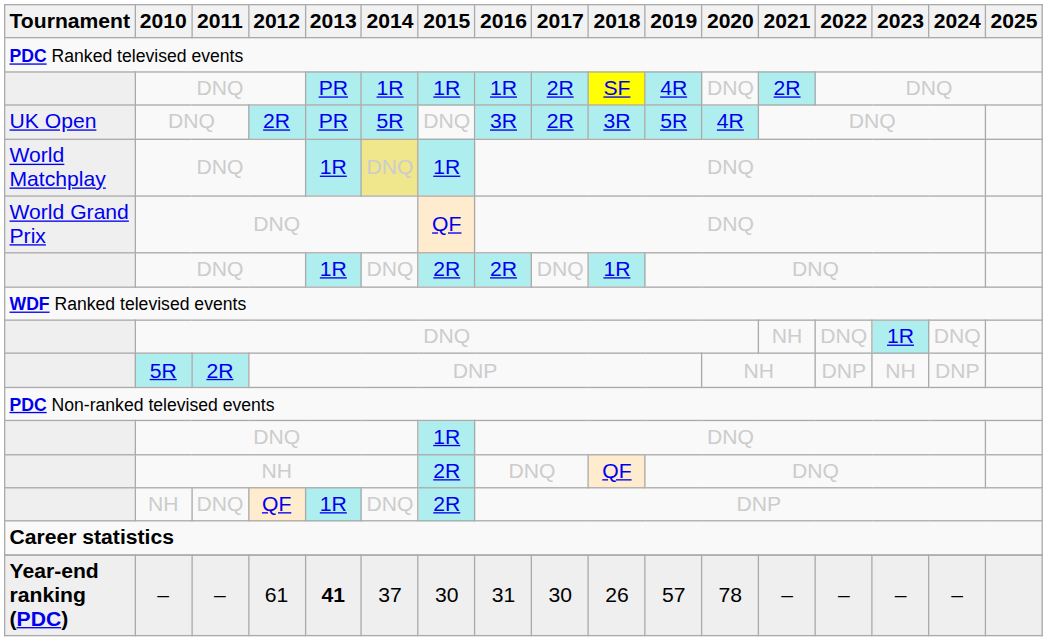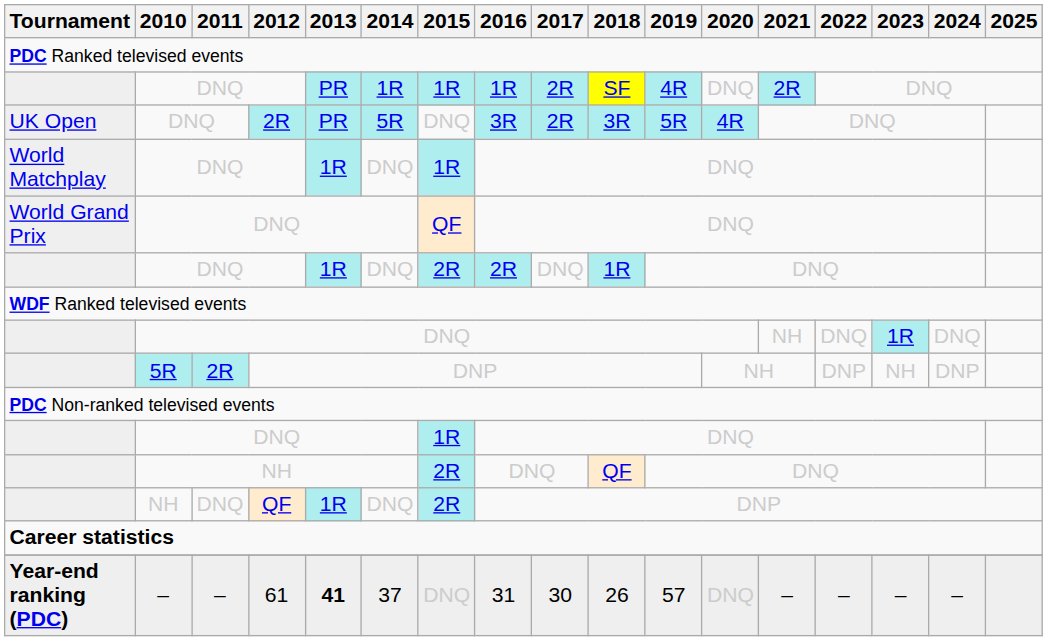 <table class="wikitable" style="width:20%; margin:0">
 <tr>
 <th>Tournament</th>
 <th>2010</th>
 <th>2011</th>
 <th>2012</th>
 <th>2013</th>
 <th>2014</th>
 <th>2015</th>
 <th>2016</th>
 <th>2017</th>
 <th>2018</th>
 <th>2019</th>
 <th>2020</th>
 <th>2021</th>
 <th>2022</th>
 <th>2023</th>
 <th>2024</th>
 <th>2025</th>
 </tr>
 <tr>
 <td colspan="20" style="text-align:left"><small><strong><a href='#'>PDC</a> </strong>Ranked televised events</small></td>
 </tr>
 <tr>
 <td style="background:#efefef;"></td>
 <td colspan="3" style="text-align:center; color:#ccc;">DNQ</td>
 <td style="text-align:center; background:#afeeee;"><a href='#'>PR</a></td>
 <td style="text-align:center; background:#afeeee;"><a href='#'>1R</a></td>
 <td style="text-align:center; background:#afeeee;"><a href='#'>1R</a></td>
 <td style="text-align:center; background:#afeeee;"><a href='#'>1R</a></td>
 <td style="text-align:center; background:#afeeee;"><a href='#'>2R</a></td>
 <td style="text-align:center; background:yellow;"><a href='#'>SF</a></td>
 <td style="text-align:center; background:#afeeee;"><a href='#'>4R</a></td>
 <td style="text-align:center; color:#ccc;">DNQ</td>
 <td style="text-align:center; background:#afeeee;"><a href='#'>2R</a></td>
 <td colspan="4" style="text-align:center; color:#ccc;">DNQ</td>
 </tr>
 <tr>
 <td style="background:#efefef;"><a href='#'>UK Open</a></td>
 <td colspan="2" style="text-align:center; color:#ccc;">DNQ</td>
 <td style="text-align:center; background:#afeeee;"><a href='#'>2R</a></td>
 <td style="text-align:center; background:#afeeee;"><a href='#'>PR</a></td>
 <td style="text-align:center; background:#afeeee;"><a href='#'>5R</a></td>
 <td style="text-align:center; color:#ccc;">DNQ</td>
 <td style="text-align:center; background:#afeeee;"><a href='#'>3R</a></td>
 <td style="text-align:center; background:#afeeee;"><a href='#'>2R</a></td>
 <td style="text-align:center; background:#afeeee;"><a href='#'>3R</a></td>
 <td style="text-align:center; background:#afeeee;"><a href='#'>5R</a></td>
 <td style="text-align:center; background:#afeeee;"><a href='#'>4R</a></td>
 <td colspan="4" style="text-align:center; color:#ccc;">DNQ</td>
 <td></td>
 </tr>
 <tr>
 <td style="background:#efefef;"><a href='#'>World Matchplay</a></td>
 <td colspan="3" style="text-align:center; color:#ccc;">DNQ</td>
 <td style="text-align:center; background:#afeeee;"><a href='#'>1R</a></td>
-<td style="background: khaki; text-align:center; color:#ccc;">DNQ</td>
+<td style="text-align:center; color:#ccc;">DNQ</td>
 <td style="text-align:center; background:#afeeee;"><a href='#'>1R</a></td>
 <td colspan="9" style="text-align:center; color:#ccc;">DNQ</td>
 <td></td>
 </tr>
 <tr>
 <td style="background:#efefef;"><a href='#'>World Grand Prix</a></td>
 <td colspan="5" style="text-align:center; color:#ccc;">DNQ</td>
 <td style="text-align:center; background:#ffebcd;"><a href='#'>QF</a></td>
 <td colspan="9" style="text-align:center; color:#ccc;">DNQ</td>
 <td></td>
 </tr>
 <tr>
 <td style="background:#efefef;"></td>
 <td colspan="3" style="text-align:center; color:#ccc;">DNQ</td>
 <td style="text-align:center; background:#afeeee;"><a href='#'>1R</a></td>
 <td style="text-align:center; color:#ccc;">DNQ</td>
 <td style="text-align:center; background:#afeeee;"><a href='#'>2R</a></td>
 <td style="text-align:center; background:#afeeee;"><a href='#'>2R</a></td>
 <td style="text-align:center; color:#ccc;">DNQ</td>
 <td style="text-align:center; background:#afeeee;"><a href='#'>1R</a></td>
 <td colspan="6" style="text-align:center; color:#ccc;">DNQ</td>
 <td></td>
 </tr>
 <tr>
 <td colspan="20" style="text-align:left"><small><strong><a href='#'>WDF</a> </strong>Ranked televised events</small></td>
 </tr>
 <tr>
 <td style="background:#efefef;"></td>
 <td colspan="11" style="text-align:center; color:#ccc;">DNQ</td>
 <td style="text-align:center; color:#ccc;">NH</td>
 <td style="text-align:center; color:#ccc;">DNQ</td>
 <td style="text-align:center; background:#afeeee;"><a href='#'>1R</a></td>
 <td style="text-align:center; color:#ccc;">DNQ</td>
 <td></td>
 </tr>
 <tr>
 <td style="background:#efefef;"></td>
 <td style="text-align:center; background:#afeeee;"><a href='#'>5R</a></td>
 <td style="text-align:center; background:#afeeee;"><a href='#'>2R</a></td>
 <td colspan="8" style="text-align:center; color:#ccc;">DNP</td>
 <td colspan="2" style="text-align:center; color:#ccc;">NH</td>
 <td style="text-align:center; color:#ccc;">DNP</td>
 <td style="text-align:center; color:#ccc;">NH</td>
 <td style="text-align:center; color:#ccc;">DNP</td>
 <td></td>
 </tr>
 <tr>
 <td colspan="20" style="text-align:left"><small><strong><a href='#'>PDC</a> </strong>Non-ranked televised events</small></td>
 </tr>
 <tr>
 <td style="background:#efefef;"></td>
 <td colspan="5" style="text-align:center; color:#ccc;">DNQ</td>
 <td style="text-align:center; background:#afeeee;"><a href='#'>1R</a></td>
 <td colspan="9" style="text-align:center; color:#ccc;">DNQ</td>
 <td></td>
 </tr>
 <tr>
 <td style="background:#efefef;"></td>
 <td colspan="5" style="text-align:center; color:#ccc;">NH</td>
 <td style="text-align:center; background:#afeeee;"><a href='#'>2R</a></td>
 <td colspan="2" style="text-align:center; color:#ccc;">DNQ</td>
 <td style="text-align:center; background:#ffebcd;"><a href='#'>QF</a></td>
 <td colspan="6" style="text-align:center; color:#ccc;">DNQ</td>
 <td></td>
 </tr>
 <tr>
 <td style="background:#efefef;"></td>
 <td style="text-align:center; color:#ccc;">NH</td>
 <td style="text-align:center; color:#ccc;">DNQ</td>
 <td style="text-align:center; background:#ffebcd;"><a href='#'>QF</a></td>
 <td style="text-align:center; background:#afeeee;"><a href='#'>1R</a></td>
 <td style="text-align:center; color:#ccc;">DNQ</td>
 <td style="text-align:center; background:#afeeee;"><a href='#'>2R</a></td>
 <td colspan="10" style="text-align:center; color:#ccc;">DNP</td>
 </tr>
 <tr>
 <td colspan="20" style="text-align:left"><strong>Career statistics</strong></td>
 </tr>
 <tr>
 </tr>
 <tr style="background:#efefef">
 <td style="text-align:left"><strong>Year-end ranking (<a href='#'>PDC</a>)</strong></td>
 <td style="text-align:center;">–</td>
 <td style="text-align:center;">–</td>
 <td style="text-align:center;">61</td>
 <td style="text-align:center;"><strong>41</strong></td>
 <td style="text-align:center;">37</td>
-<td style="text-align:center;">30</td>
+<td style="text-align:center; color:#ccc;">DNQ</td>
 <td style="text-align:center;">31</td>
 <td style="text-align:center;">30</td>
 <td style="text-align:center;">26</td>
 <td style="text-align:center;">57</td>
-<td style="text-align:center;">78</td>
+<td style="text-align:center; color:#ccc;">DNQ</td>
 <td style="text-align:center;">–</td>
 <td style="text-align:center;">–</td>
 <td style="text-align:center;">–</td>
 <td style="text-align:center;">–</td>
 <td></td>
 </tr>
 </table>
